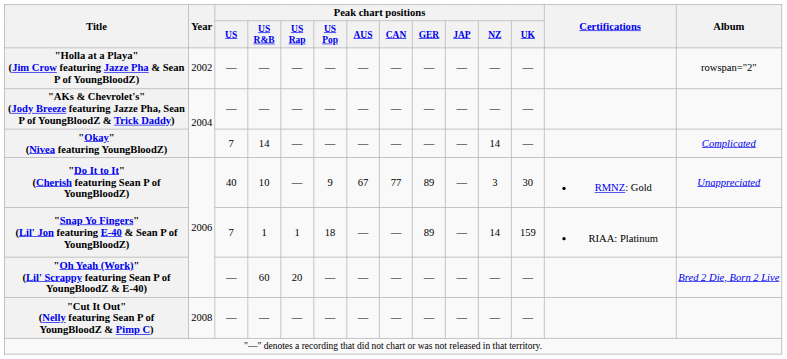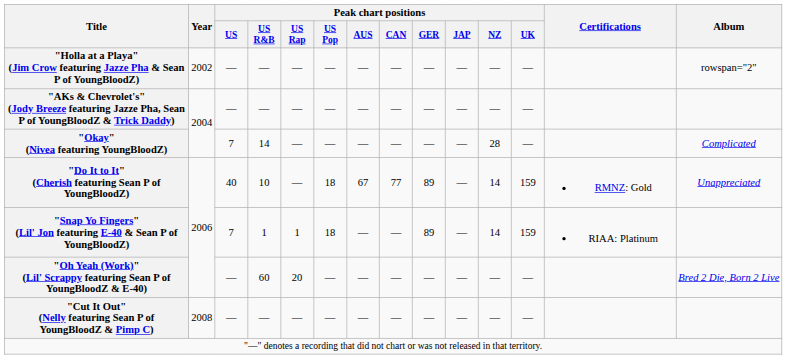 <table class="wikitable plainrowheaders" style="text-align:center;">
 <tr>
 <th scope="col" rowspan="2" style="width:17em;">Title</th>
 <th scope="col" rowspan="2" style="width:2em;">Year</th>
 <th scope="col" colspan="10">Peak chart positions</th>
 <th scope="col" rowspan="2" style="width:12em;"><a href='#'>Certifications</a></th>
 <th scope="col" rowspan="2">Album</th>
 </tr>
 <tr>
 <th scope="col" style="width:3em;font-size:90%;"><a href='#'>US</a></th>
 <th scope="col" style="width:3em;font-size:90%;"><a href='#'>US R&B</a></th>
 <th scope="col" style="width:3em;font-size:90%;"><a href='#'>US Rap</a></th>
 <th scope="col" style="width:3em;font-size:90%;"><a href='#'>US Pop</a></th>
 <th scope="col" style="width:3em;font-size:90%;"><a href='#'>AUS</a></th>
 <th scope="col" style="width:3em;font-size:90%;"><a href='#'>CAN</a></th>
 <th scope="col" style="width:3em;font-size:90%;"><a href='#'>GER</a></th>
 <th scope="col" style="width:3em;font-size:90%;"><a href='#'>JAP</a></th>
 <th scope="col" style="width:3em;font-size:90%;"><a href='#'>NZ</a></th>
 <th scope="col" style="width:3em;font-size:90%;"><a href='#'>UK</a></th>
 </tr>
 <tr>
 <th scope="row">"Holla at a Playa"<br><span>(<a href='#'>Jim Crow</a> featuring <a href='#'>Jazze Pha</a> & Sean P of YoungBloodZ)</span></th>
 <td>2002</td>
 <td>—</td>
 <td>—</td>
 <td>—</td>
 <td>—</td>
 <td>—</td>
 <td>—</td>
 <td>—</td>
 <td>—</td>
 <td>—</td>
 <td>—</td>
 <td></td>
 <td>rowspan="2" </td>
 </tr>
 <tr>
 <th scope="row">"AKs & Chevrolet's"<br><span>(<a href='#'>Jody Breeze</a> featuring Jazze Pha, Sean P of YoungBloodZ & <a href='#'>Trick Daddy</a>)</span></th>
 <td rowspan="2">2004</td>
 <td>—</td>
 <td>—</td>
 <td>—</td>
 <td>—</td>
 <td>—</td>
 <td>—</td>
 <td>—</td>
 <td>—</td>
 <td>—</td>
 <td>—</td>
 <td></td>
 </tr>
 <tr>
 <th scope="row">"<a href='#'>Okay</a>"<br><span>(<a href='#'>Nivea</a> featuring YoungBloodZ)</span></th>
 <td style="text-align:center;">7</td>
 <td>14</td>
 <td>—</td>
 <td>—</td>
 <td>—</td>
 <td>—</td>
 <td>—</td>
 <td>—</td>
-<td style="text-align:center;">14</td>
+<td>28</td>
 <td>—</td>
 <td></td>
 <td><em><a href='#'>Complicated</a></em></td>
 </tr>
 <tr>
 <th scope="row">"<a href='#'>Do It to It</a>"<br><span>(<a href='#'>Cherish</a> featuring Sean P of YoungBloodZ)</span></th>
 <td rowspan="3">2006</td>
 <td>40</td>
 <td style="text-align:center;">10</td>
 <td>—</td>
-<td style="text-align:center;">9</td>
+<td style="text-align:center;">18</td>
 <td style="text-align:center;">67</td>
 <td style="text-align:center;">77</td>
 <td style="text-align:center;">89</td>
 <td style="text-align:center;">—</td>
-<td style="text-align:center;">3</td>
-<td style="text-align:center;">30</td>
+<td style="text-align:center;">14</td>
+<td style="text-align:center;">159</td>
 <td><br><ul><li><a href='#'>RMNZ</a>: Gold</li></ul></td>
 <td><em><a href='#'>Unappreciated</a></em></td>
 </tr>
 <tr>
 <th scope="row">"<a href='#'>Snap Yo Fingers</a>"<br><span>(<a href='#'>Lil' Jon</a> featuring <a href='#'>E-40</a> & Sean P of YoungBloodZ)</span></th>
 <td style="text-align:center;">7</td>
 <td style="text-align:center;">1</td>
 <td style="text-align:center;">1</td>
 <td style="text-align:center;">18</td>
 <td>—</td>
 <td>—</td>
 <td style="text-align:center;">89</td>
 <td>—</td>
 <td style="text-align:center;">14</td>
 <td style="text-align:center;">159</td>
 <td><br><ul><li>RIAA: Platinum</li></ul></td>
 <td></td>
 </tr>
 <tr>
 <th scope="row">"<a href='#'>Oh Yeah (Work)</a>"<br><span>(<a href='#'>Lil' Scrappy</a> featuring Sean P of YoungBloodZ & E-40)</span></th>
 <td style="text-align:center;">—</td>
 <td style="text-align:center;">60</td>
 <td style="text-align:center;">20</td>
 <td>—</td>
 <td>—</td>
 <td>—</td>
 <td>—</td>
 <td>—</td>
 <td>—</td>
 <td>—</td>
 <td></td>
 <td><em><a href='#'>Bred 2 Die, Born 2 Live</a></em></td>
 </tr>
 <tr>
 <th scope="row">"Cut It Out"<br><span>(<a href='#'>Nelly</a> featuring Sean P of YoungBloodZ & <a href='#'>Pimp C</a>)</span></th>
 <td>2008</td>
 <td>—</td>
 <td>—</td>
 <td>—</td>
 <td>—</td>
 <td>—</td>
 <td>—</td>
 <td>—</td>
 <td>—</td>
 <td>—</td>
 <td>—</td>
 <td></td>
 <td></td>
 </tr>
 <tr>
 <td colspan="14" style="font-size:90%">"—" denotes a recording that did not chart or was not released in that territory.</td>
 </tr>
 </table>
